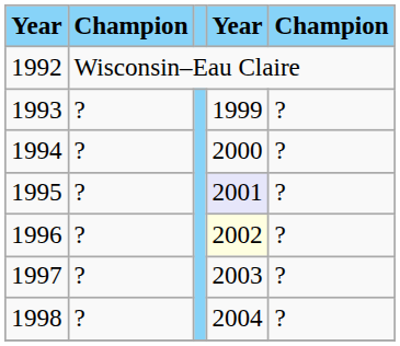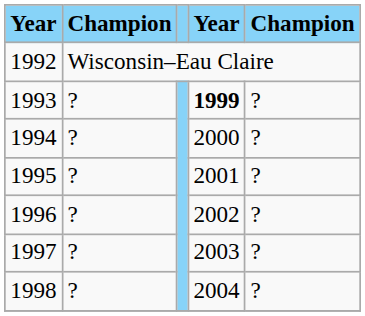 <table class="wikitable" style="font-size:85%;">
 <tr ! style="background-color: #87D3F8;">
 <td><strong>Year</strong></td>
 <td><strong>Champion</strong></td>
 <td></td>
 <td><strong>Year</strong></td>
 <td><strong>Champion</strong></td>
 </tr>
 <tr --->
 <td>1992</td>
 <td colspan=4>Wisconsin–Eau Claire</td>
 </tr>
 <tr --->
 <td>1993</td>
 <td>?</td>
 <td rowspan=6 style="background-color: #87D3F8;"></td>
-<td>1999</td>
+<td><strong>1999</strong></td>
 <td>?</td>
 </tr>
 <tr --->
 <td>1994</td>
 <td>?</td>
 <td>2000</td>
 <td>?</td>
 </tr>
 <tr --->
 <td>1995</td>
 <td>?</td>
-<td style="background: lavender;">2001</td>
+<td>2001</td>
 <td>?</td>
 </tr>
 <tr --->
 <td>1996</td>
 <td>?</td>
-<td style="background: lightyellow;">2002</td>
+<td>2002</td>
 <td>?</td>
 </tr>
 <tr --->
 <td>1997</td>
 <td>?</td>
 <td>2003</td>
 <td>?</td>
 </tr>
 <tr --->
 <td>1998</td>
 <td>?</td>
 <td>2004</td>
 <td>?</td>
 </tr>
 <tr --->
 </tr>
 </table>
